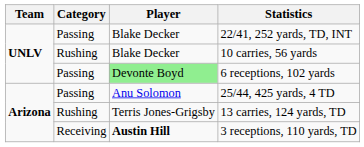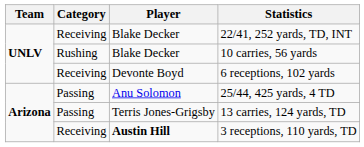 <table class="wikitable" style="float: right;">
 <tr>
 <th>Team</th>
 <th>Category</th>
 <th>Player</th>
 <th>Statistics</th>
 </tr>
 <tr>
 <td rowspan=3><strong>UNLV</strong></td>
-<td>Passing</td>
+<td>Receiving</td>
 <td>Blake Decker</td>
 <td>22/41, 252 yards, TD, INT</td>
 </tr>
 <tr>
 <td>Rushing</td>
 <td>Blake Decker</td>
 <td>10 carries, 56 yards</td>
 </tr>
 <tr>
-<td>Passing</td>
-<td style="background: lightgreen;">Devonte Boyd</td>
+<td>Receiving</td>
+<td>Devonte Boyd</td>
 <td>6 receptions, 102 yards</td>
 </tr>
 <tr>
 <td rowspan=3><strong>Arizona</strong></td>
 <td>Passing</td>
 <td><a href='#'>Anu Solomon</a></td>
 <td>25/44, 425 yards, 4 TD</td>
 </tr>
 <tr>
-<td>Rushing</td>
+<td>Passing</td>
 <td>Terris Jones-Grigsby</td>
 <td>13 carries, 124 yards, TD</td>
 </tr>
 <tr>
 <td>Receiving</td>
 <td><strong>Austin Hill</strong></td>
 <td>3 receptions, 110 yards, TD</td>
 </tr>
 </table>
